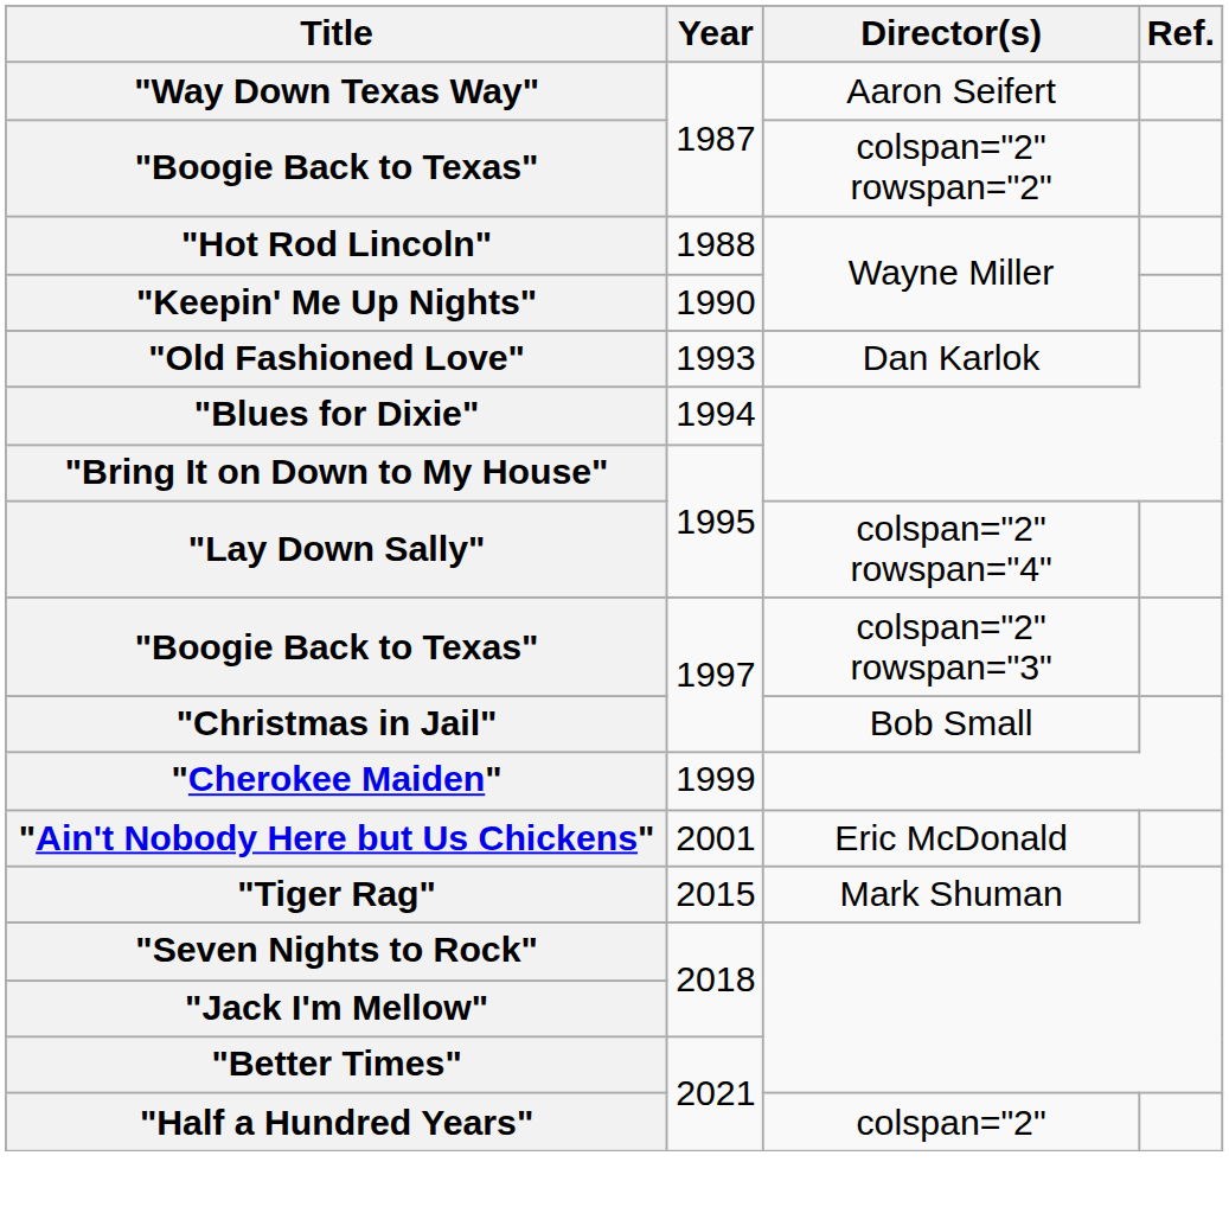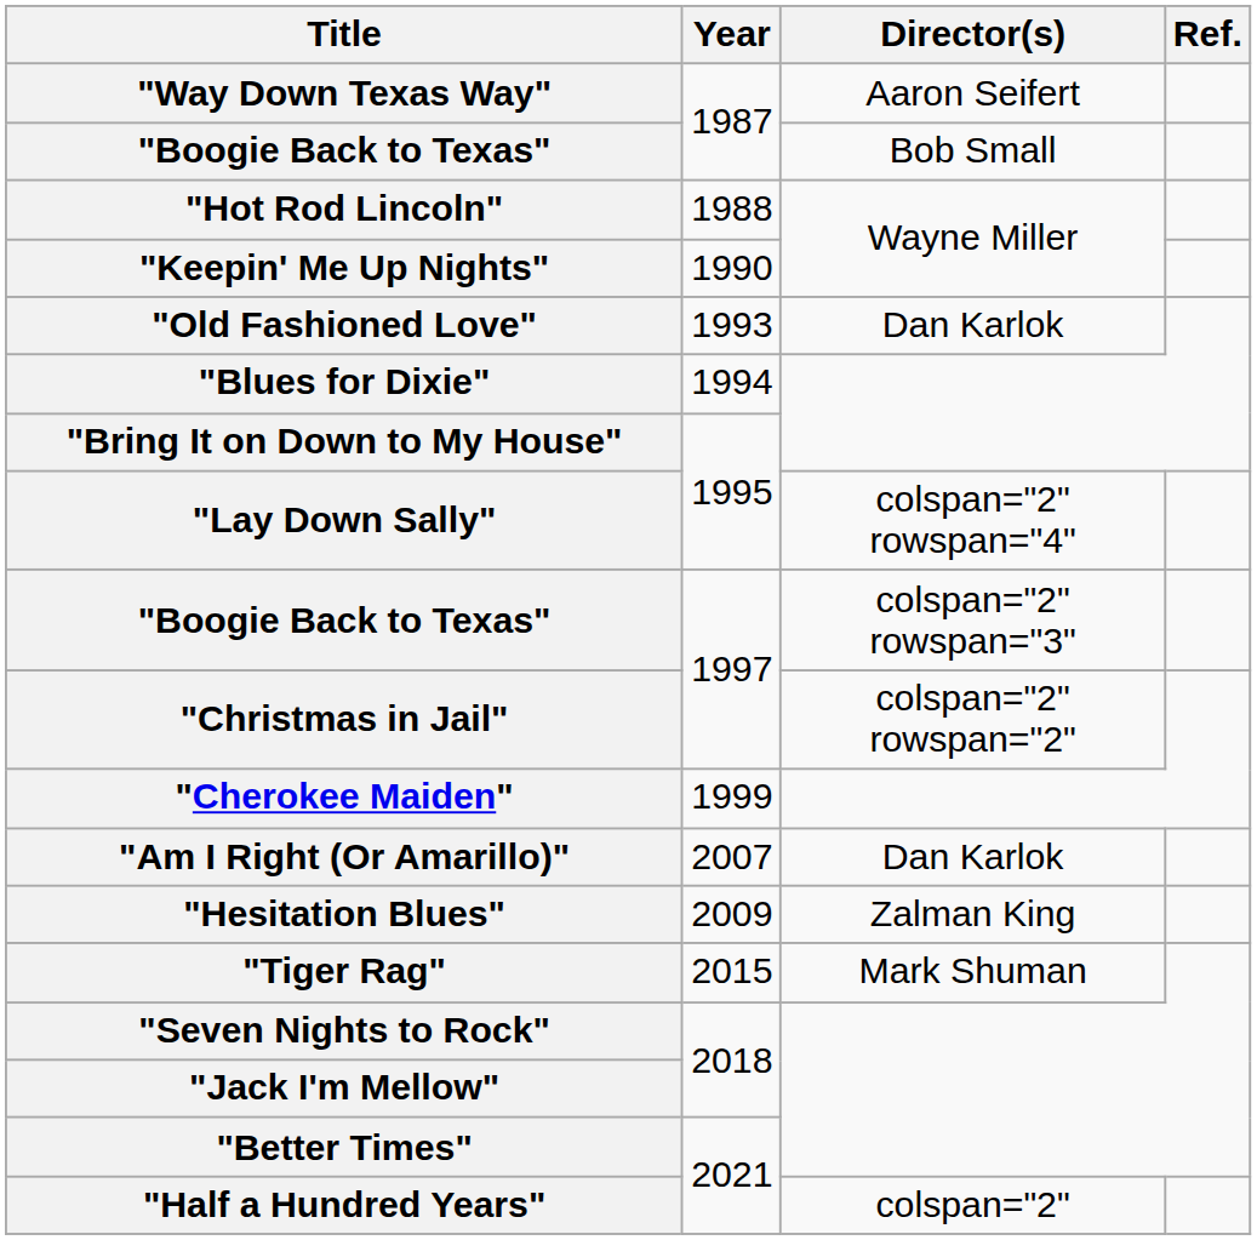 <table class="wikitable plainrowheaders" style="text-align:center;">
 <tr>
 <th scope="col" style="width:18em;">Title</th>
 <th scope="col">Year</th>
 <th scope="col" style="width:10em;">Director(s)</th>
 <th scope="col">Ref.</th>
 </tr>
 <tr>
 <th scope="row">"Way Down Texas Way"</th>
 <td rowspan="2">1987</td>
 <td>Aaron Seifert</td>
 </tr>
 <tr>
 <th scope="row">"Boogie Back to Texas"</th>
-<td>colspan="2" rowspan="2" </td>
+<td>Bob Small</td>
 <td></td>
 </tr>
 <tr>
 <th scope="row">"Hot Rod Lincoln"</th>
 <td>1988</td>
 <td rowspan="2">Wayne Miller</td>
 <td></td>
 </tr>
 <tr>
 <th scope="row">"Keepin' Me Up Nights"</th>
 <td>1990</td>
 <td></td>
 </tr>
 <tr>
 <th scope="row">"Old Fashioned Love"<br></th>
 <td>1993</td>
 <td>Dan Karlok</td>
 </tr>
 <tr>
 <th scope="row">"Blues for Dixie"<br></th>
 <td>1994</td>
 </tr>
 <tr>
 <th scope="row">"Bring It on Down to My House"</th>
 <td rowspan="2">1995</td>
 </tr>
 <tr>
 <th scope="row">"Lay Down Sally"</th>
 <td>colspan="2" rowspan="4" </td>
 <td></td>
 </tr>
 <tr>
 <th scope="row">"Boogie Back to Texas" </th>
 <td rowspan="2">1997</td>
 <td>colspan="2" rowspan="3" </td>
 <td></td>
 </tr>
 <tr>
 <th scope="row">"Christmas in Jail"</th>
-<td>Bob Small</td>
+<td>colspan="2" rowspan="2" </td>
 </tr>
 <tr>
 <th scope="row">"<a href='#'>Cherokee Maiden</a>"</th>
 <td>1999</td>
 </tr>
 <tr>
-<th scope="row">"<a href='#'>Ain't Nobody Here but Us Chickens</a>"</th>
-<td>2001</td>
-<td>Eric McDonald</td>
+<th scope="row">"Am I Right (Or Amarillo)"</th>
+<td>2007</td>
+<td>Dan Karlok</td>
+<td></td>
+</tr>
+<tr>
+<th scope="row">"Hesitation Blues"<br></th>
+<td>2009</td>
+<td>Zalman King</td>
 <td></td>
 </tr>
 <tr>
 <th scope="row">"Tiger Rag"</th>
 <td>2015</td>
 <td>Mark Shuman</td>
 </tr>
 <tr>
 <th scope="row">"Seven Nights to Rock"</th>
 <td rowspan="2">2018</td>
 </tr>
 <tr>
 <th scope="row">"Jack I'm Mellow"</th>
 </tr>
 <tr>
 <th scope="row">"Better Times"</th>
 <td rowspan="2">2021</td>
 </tr>
 <tr>
 <th scope="row">"Half a Hundred Years"</th>
 <td>colspan="2" </td>
 <td></td>
 </tr>
 </table>
